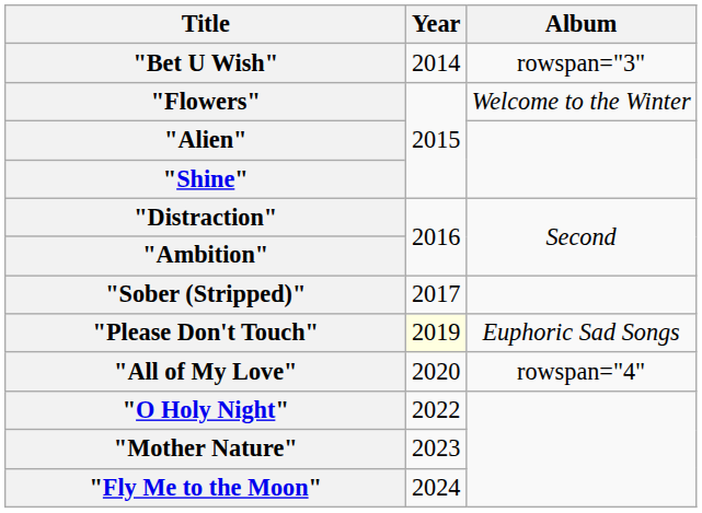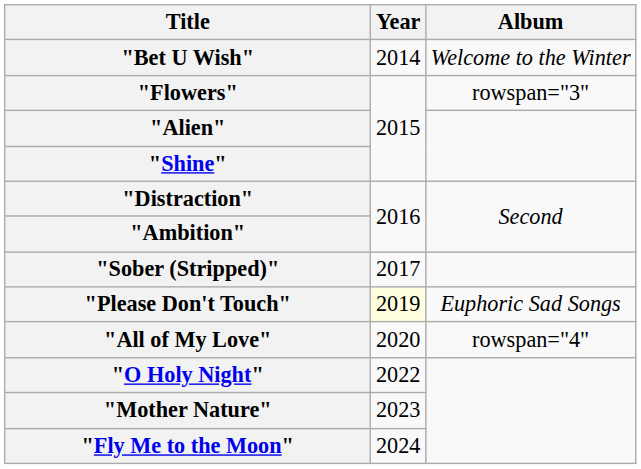 <table class="wikitable plainrowheaders" style="text-align:center;">
 <tr>
 <th scope="col" style="width:16em;">Title</th>
 <th scope="col">Year</th>
 <th scope="col">Album</th>
 </tr>
 <tr>
 <th scope="row">"Bet U Wish"</th>
 <td>2014</td>
-<td>rowspan="3" </td>
+<td><em>Welcome to the Winter</em></td>
 </tr>
 <tr>
 <th scope="row">"Flowers"</th>
 <td rowspan="3">2015</td>
-<td><em>Welcome to the Winter</em></td>
+<td>rowspan="3" </td>
 </tr>
 <tr>
 <th scope="row">"Alien"<br></th>
 </tr>
 <tr>
 <th scope="row">"<a href='#'>Shine</a>"</th>
 </tr>
 <tr>
 <th scope="row">"Distraction"</th>
 <td rowspan="2">2016</td>
 <td rowspan="2"><em>Second</em></td>
 </tr>
 <tr>
 <th scope="row">"Ambition"<br></th>
 </tr>
 <tr>
 <th scope="row">"Sober (Stripped)"</th>
 <td>2017</td>
 <td></td>
 </tr>
 <tr>
 <th scope="row">"Please Don't Touch"</th>
 <td style="background: lightyellow;">2019</td>
 <td><em>Euphoric Sad Songs</em></td>
 </tr>
 <tr>
 <th scope="row">"All of My Love"<br></th>
 <td>2020</td>
 <td>rowspan="4" </td>
 </tr>
 <tr>
 <th scope="row">"<a href='#'>O Holy Night</a>"</th>
 <td>2022</td>
 </tr>
 <tr>
 <th scope="row">"Mother Nature"<br></th>
 <td>2023</td>
 </tr>
 <tr>
 <th scope="row">"<a href='#'>Fly Me to the Moon</a>"</th>
 <td>2024</td>
 </tr>
 </table>
